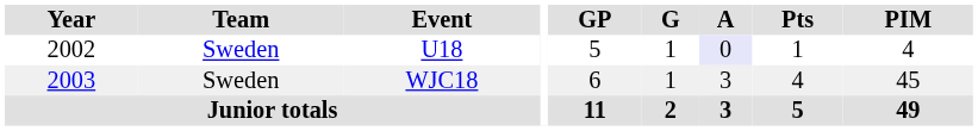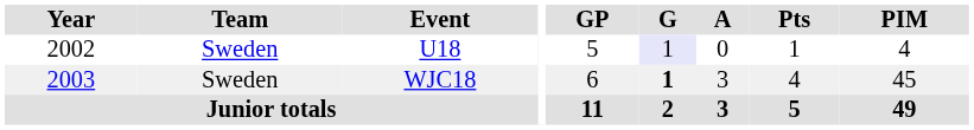 <table border="0" cellpadding="1" cellspacing="0" ID="Table3" style="text-align:center; width:40em">
 <tr ALIGN="center" bgcolor="#e0e0e0">
 <th>Year</th>
 <th>Team</th>
 <th>Event</th>
 <th rowspan="99" bgcolor="#ffffff"></th>
 <th>GP</th>
 <th>G</th>
 <th>A</th>
 <th>Pts</th>
 <th>PIM</th>
 </tr>
 <tr>
 <td>2002</td>
 <td><a href='#'>Sweden</a></td>
 <td><a href='#'>U18</a></td>
 <td>5</td>
-<td>1</td>
-<td style="background: lavender;">0</td>
+<td style="background: lavender;">1</td>
+<td>0</td>
 <td>1</td>
 <td>4</td>
 </tr>
 <tr bgcolor="#f0f0f0">
 <td><a href='#'>2003</a></td>
 <td>Sweden</td>
 <td><a href='#'>WJC18</a></td>
 <td>6</td>
-<td>1</td>
+<td><strong>1</strong></td>
 <td>3</td>
 <td>4</td>
 <td>45</td>
 </tr>
 <tr bgcolor="#e0e0e0">
 <th colspan="3">Junior totals</th>
 <th>11</th>
 <th>2</th>
 <th>3</th>
 <th>5</th>
 <th>49</th>
 </tr>
 </table>
